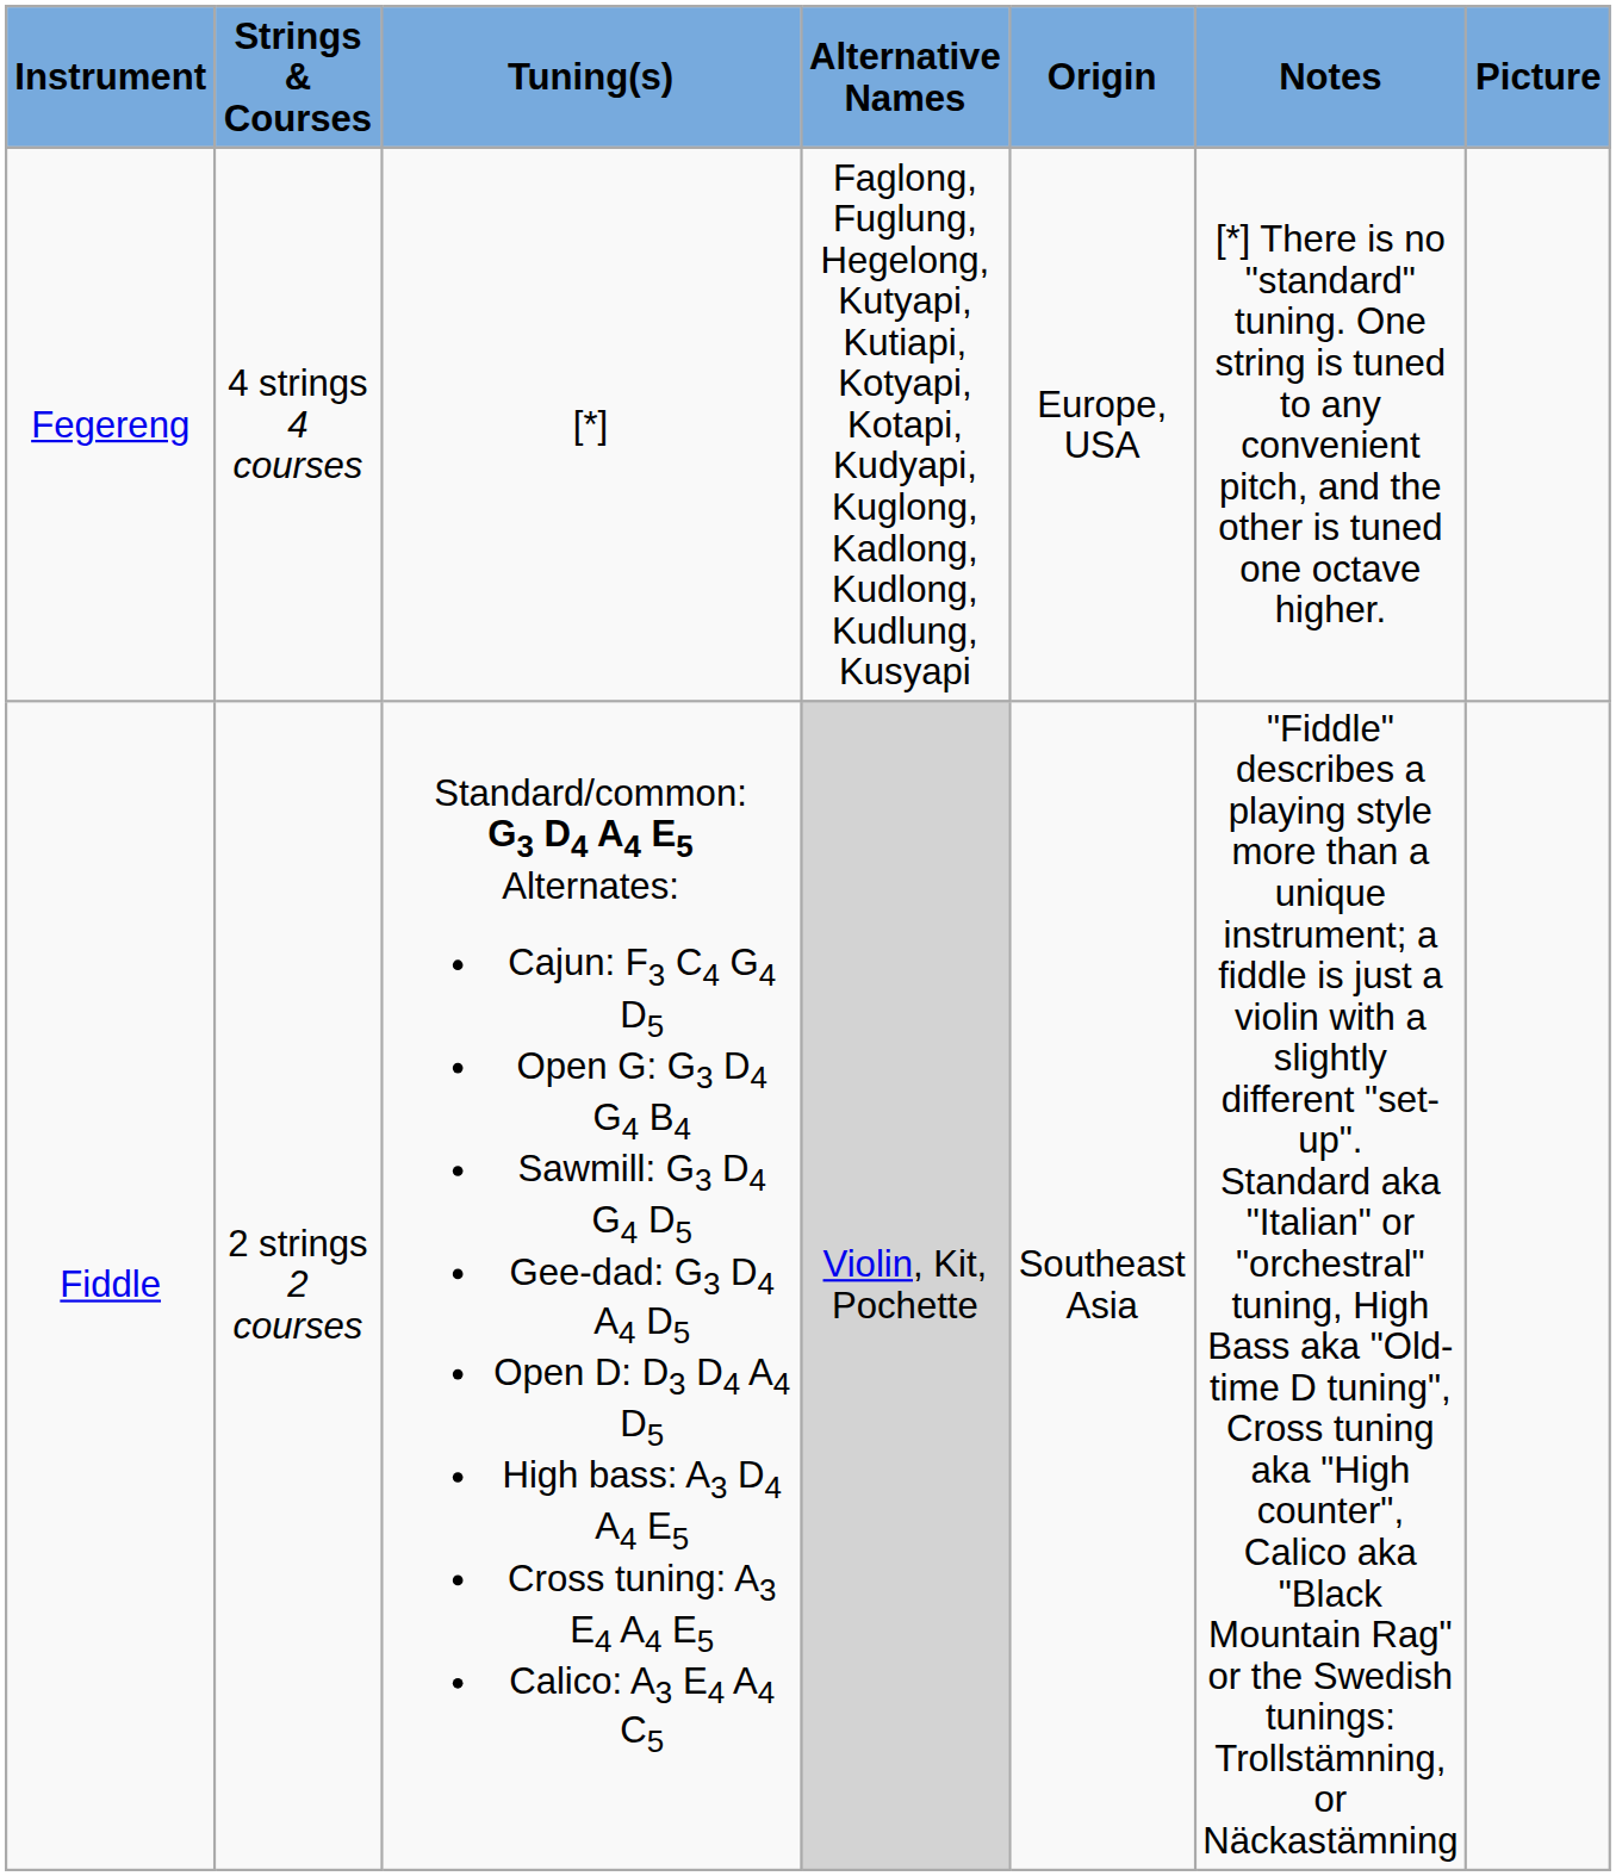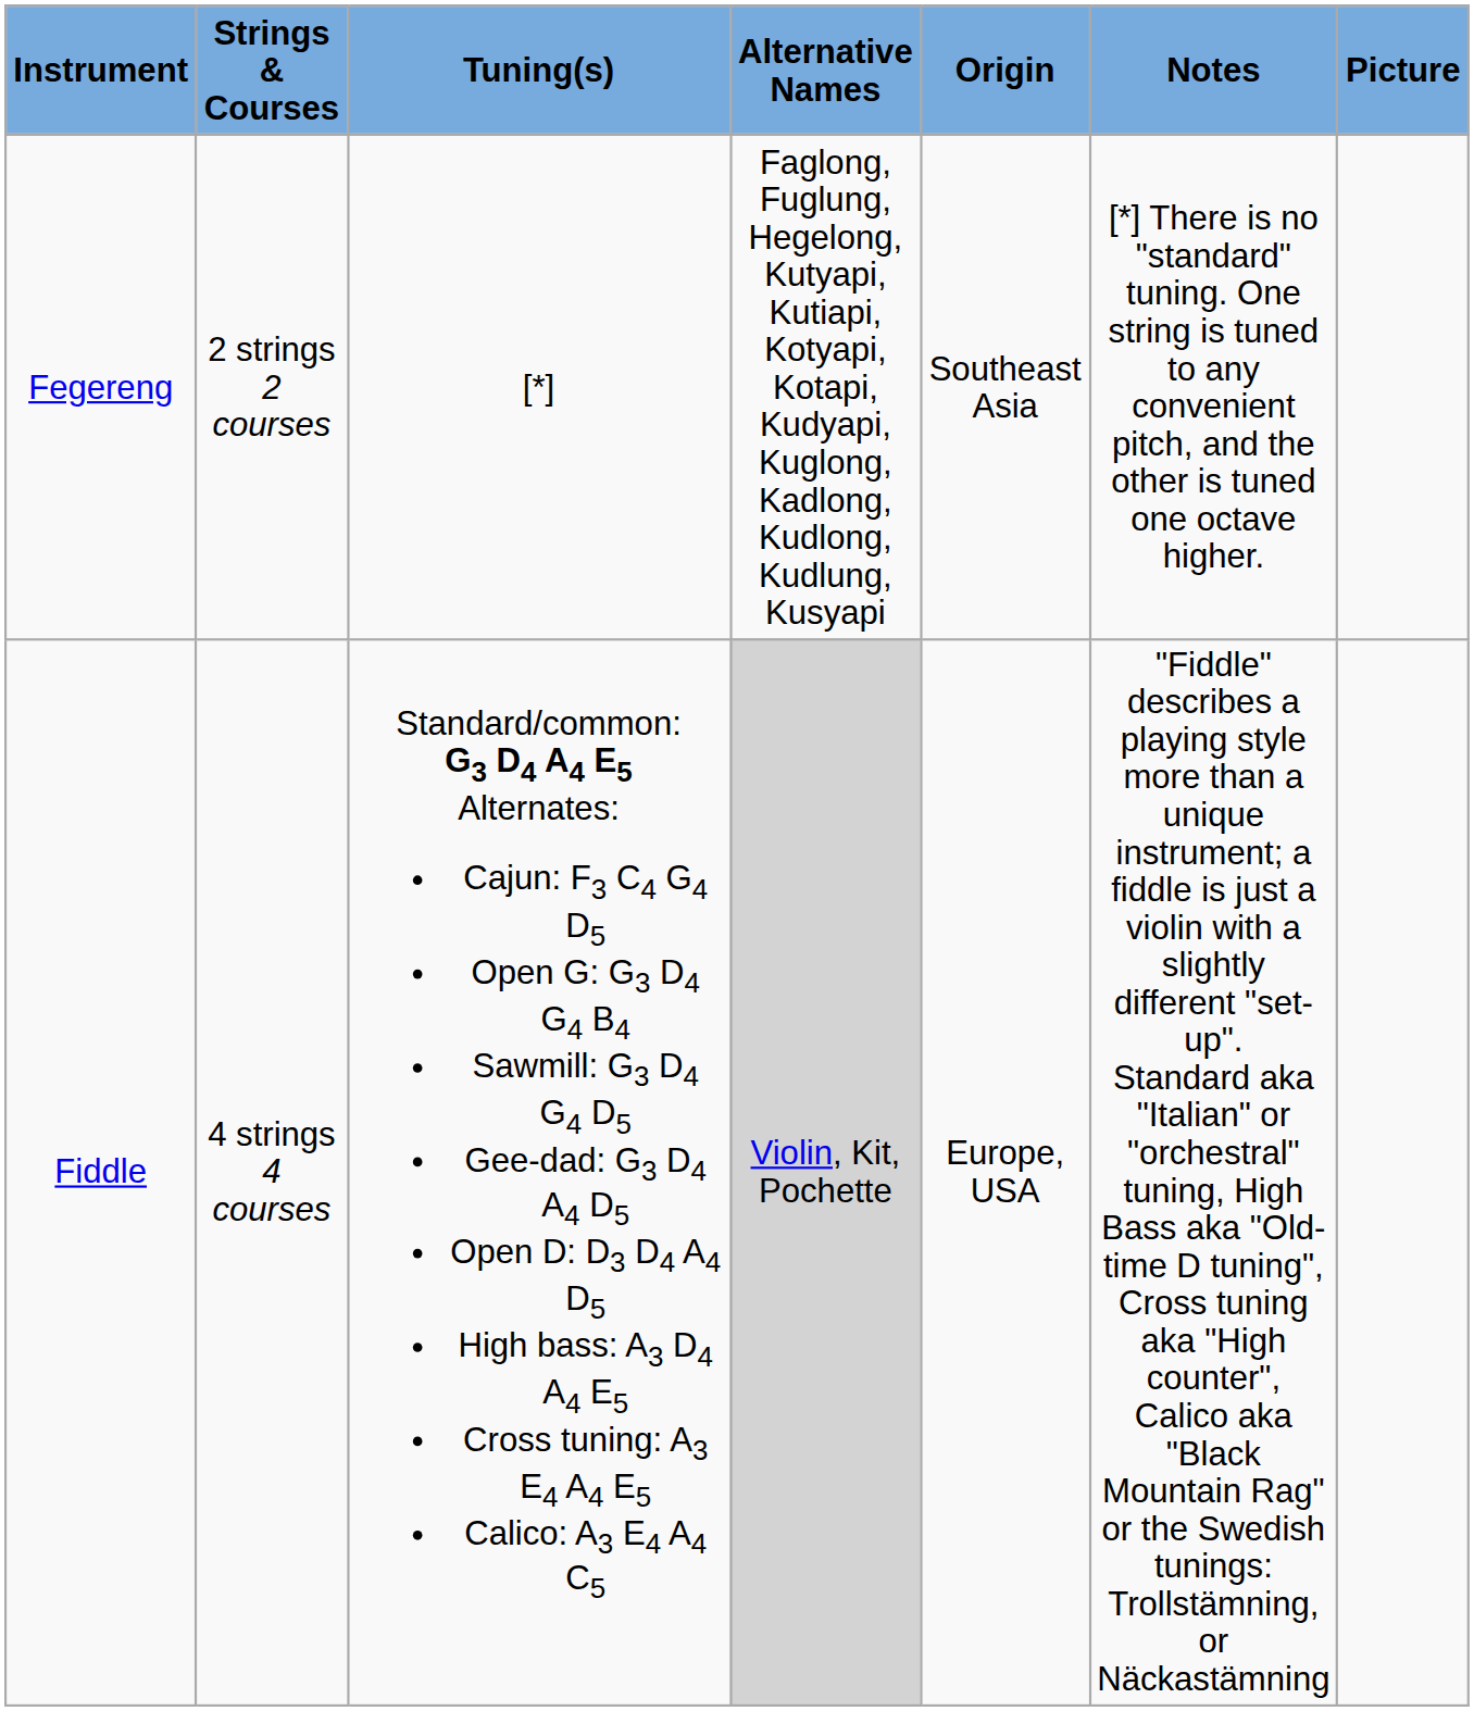 <table class="wikitable" style="margin:0.5em auto; clear:both; font-size:.9em; text-align:center; width:100%">
 <tr>
 <th style="background: #7ad;">Instrument</th>
 <th style="background: #7ad;" scope="col" width="58">Strings & Courses</th>
 <th style="background: #7ad;" scope="col" width="200">Tuning(s)</th>
 <th style="background: #7ad;" scope="col" width="75">Alternative Names</th>
 <th style="background: #7ad;" scope="col" width="60">Origin</th>
 <th style="background: #7ad;" scope="col" width'"130">Notes</th>
 <th style="background: #7ad;" scope="col" width'"100">Picture</th>
 </tr>
 <tr>
 </tr>
 <tr>
 <td><a href='#'>Fegereng</a></td>
-<td>4 strings<br><em>4 courses</em></td>
+<td>2 strings<br><em>2 courses</em></td>
 <td>[*]</td>
 <td>Faglong, Fuglung, Hegelong, Kutyapi, Kutiapi, Kotyapi, Kotapi, Kudyapi, Kuglong, Kadlong, Kudlong, Kudlung, Kusyapi</td>
-<td>Europe, USA</td>
+<td>Southeast Asia</td>
 <td>[*] There is no "standard" tuning. One string is tuned to any convenient pitch, and the other is tuned one octave higher.</td>
 <td></td>
 </tr>
 <tr>
 <td><a href='#'>Fiddle</a></td>
-<td>2 strings<br><em>2 courses</em></td>
+<td>4 strings<br><em>4 courses</em></td>
 <td>Standard/common:<br><strong>G<sub>3</sub> D<sub>4</sub> A<sub>4</sub> E<sub>5</sub></strong><br>Alternates:<ul><li>Cajun: F<sub>3</sub> C<sub>4</sub> G<sub>4</sub> D<sub>5</sub></li><li>Open G: G<sub>3</sub> D<sub>4</sub> G<sub>4</sub> B<sub>4</sub></li><li>Sawmill: G<sub>3</sub> D<sub>4</sub> G<sub>4</sub> D<sub>5</sub></li><li>Gee-dad: G<sub>3</sub> D<sub>4</sub> A<sub>4</sub> D<sub>5</sub></li><li>Open D: D<sub>3</sub> D<sub>4</sub> A<sub>4</sub> D<sub>5</sub></li><li>High bass: A<sub>3</sub> D<sub>4</sub> A<sub>4</sub> E<sub>5</sub></li><li>Cross tuning: A<sub>3</sub> E<sub>4</sub> A<sub>4</sub> E<sub>5</sub></li><li>Calico: A<sub>3</sub> E<sub>4</sub> A<sub>4</sub> C<sub>5</sub></li></ul></td>
 <td style="background: lightgrey;"><a href='#'>Violin</a>, Kit, Pochette</td>
-<td>Southeast Asia</td>
+<td>Europe, USA</td>
 <td>"Fiddle" describes a playing style more than a unique instrument; a fiddle is just a violin with a slightly different "set-up".<br>Standard aka "Italian" or "orchestral" tuning, High Bass aka "Old-time D tuning", Cross tuning aka "High counter", Calico aka "Black Mountain Rag" or the Swedish tunings: Trollstämning, or Näckastämning</td>
 <td></td>
 </tr>
 </table>
